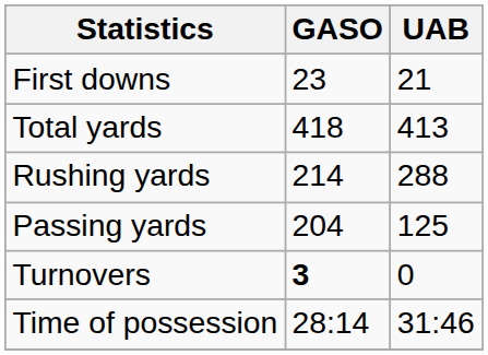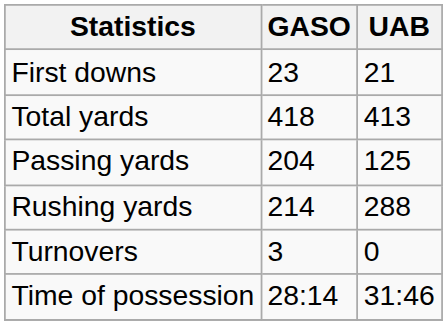 <table class="wikitable">
 <tr>
 <th>Statistics</th>
 <th>GASO</th>
 <th>UAB</th>
 </tr>
 <tr>
 <td>First downs</td>
 <td>23</td>
 <td>21</td>
 </tr>
 <tr>
 <td>Total yards</td>
 <td>418</td>
 <td>413</td>
 </tr>
 <tr>
+<td>Passing yards</td>
+<td>204</td>
+<td>125</td>
+</tr>
+<tr>
 <td>Rushing yards</td>
 <td>214</td>
 <td>288</td>
 </tr>
 <tr>
-<td>Passing yards</td>
-<td>204</td>
-<td>125</td>
-</tr>
-<tr>
 <td>Turnovers</td>
-<td><strong>3</strong></td>
+<td>3</td>
 <td>0</td>
 </tr>
 <tr>
 <td>Time of possession</td>
 <td>28:14</td>
 <td>31:46</td>
 </tr>
 <tr>
 </tr>
 </table>
